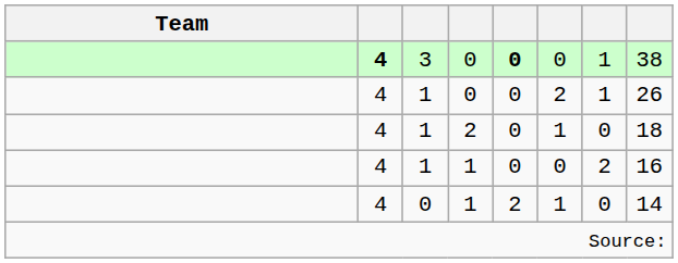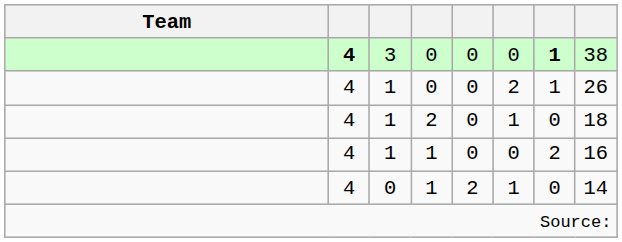 <table class="wikitable" style="text-align:center">
 <tr>
 <th width=200>Team</th>
 <th width=20></th>
 <th width=20></th>
 <th width=20></th>
 <th width=20></th>
 <th width=20></th>
 <th width=20></th>
 <th width=20></th>
 </tr>
 <tr style="background:#cfc">
 <td style="text-align:left;"></td>
 <td><strong>4</strong></td>
 <td>3</td>
 <td>0</td>
-<td><strong>0</strong></td>
 <td>0</td>
-<td>1</td>
+<td>0</td>
+<td><strong>1</strong></td>
 <td>38</td>
 </tr>
 <tr>
 <td style="text-align:left;"></td>
 <td>4</td>
 <td>1</td>
 <td>0</td>
 <td>0</td>
 <td>2</td>
 <td>1</td>
 <td>26</td>
 </tr>
 <tr>
 <td style="text-align:left;"></td>
 <td>4</td>
 <td>1</td>
 <td>2</td>
 <td>0</td>
 <td>1</td>
 <td>0</td>
 <td>18</td>
 </tr>
 <tr>
 <td style="text-align:left;"></td>
 <td>4</td>
 <td>1</td>
 <td>1</td>
 <td>0</td>
 <td>0</td>
 <td>2</td>
 <td>16</td>
 </tr>
 <tr>
 <td style="text-align:left;"></td>
 <td>4</td>
 <td>0</td>
 <td>1</td>
 <td>2</td>
 <td>1</td>
 <td>0</td>
 <td>14</td>
 </tr>
 <tr>
 <td colspan="8" style="text-align:right;"><small>Source: </small></td>
 </tr>
 </table>
